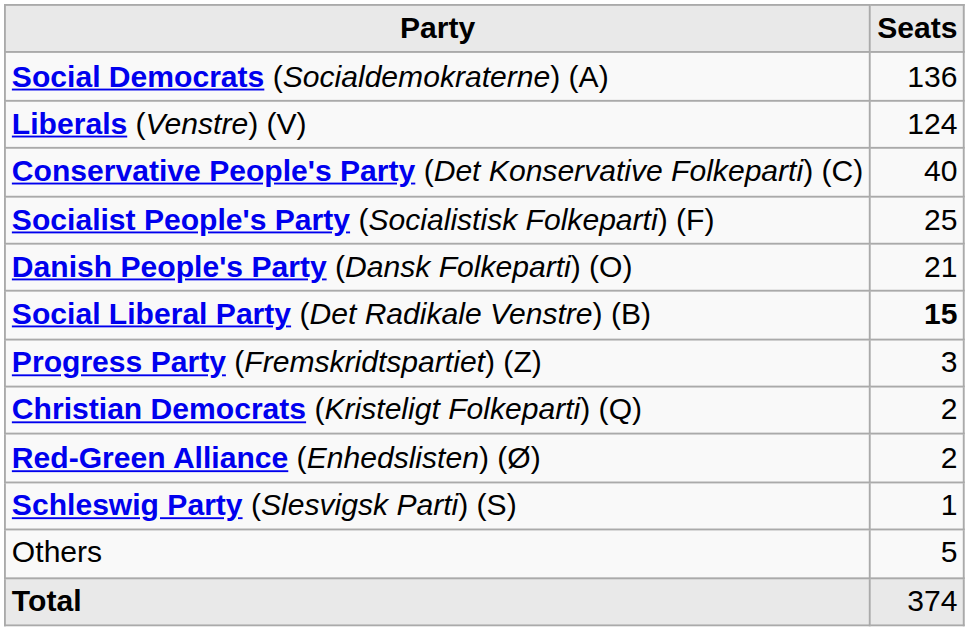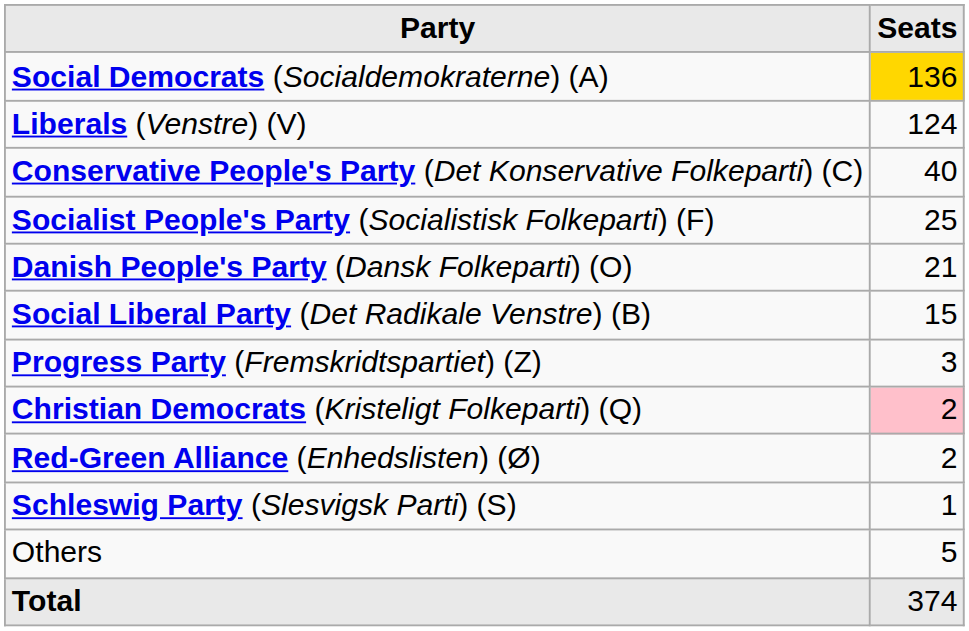 <table class="wikitable">
 <tr>
 <th style="background-color:#E9E9E9">Party</th>
 <th style="background-color:#E9E9E9">Seats</th>
 </tr>
 <tr>
 <td><strong><a href='#'>Social Democrats</a></strong> (<em>Socialdemokraterne</em>) (A)</td>
-<td align="right">136</td>
+<td align="right" style="background: gold;">136</td>
 </tr>
 <tr>
 <td><strong><a href='#'>Liberals</a></strong> (<em>Venstre</em>) (V)</td>
 <td align="right">124</td>
 </tr>
 <tr>
 <td><strong><a href='#'>Conservative People's Party</a></strong> (<em>Det Konservative Folkeparti</em>) (C)</td>
 <td align="right">40</td>
 </tr>
 <tr>
 <td><strong><a href='#'>Socialist People's Party</a></strong> (<em>Socialistisk Folkeparti</em>) (F)</td>
 <td align="right">25</td>
 </tr>
 <tr>
 <td><strong><a href='#'>Danish People's Party</a></strong> (<em>Dansk Folkeparti</em>) (O)</td>
 <td align="right">21</td>
 </tr>
 <tr>
 <td><strong><a href='#'>Social Liberal Party</a></strong> (<em>Det Radikale Venstre</em>) (B)</td>
-<td align="right"><strong>15</strong></td>
+<td align="right">15</td>
 </tr>
 <tr>
 <td><strong><a href='#'>Progress Party</a></strong> (<em>Fremskridtspartiet</em>) (Z)</td>
 <td align="right">3</td>
 </tr>
 <tr>
 <td><strong><a href='#'>Christian Democrats</a></strong> (<em>Kristeligt Folkeparti</em>) (Q)</td>
-<td align="right">2</td>
+<td align="right" style="background: pink;">2</td>
 </tr>
 <tr>
 <td><strong><a href='#'>Red-Green Alliance</a></strong> (<em>Enhedslisten</em>) (Ø)</td>
 <td align="right">2</td>
 </tr>
 <tr>
 <td><strong><a href='#'>Schleswig Party</a></strong> (<em>Slesvigsk Parti</em>) (S)</td>
 <td align="right">1</td>
 </tr>
 <tr>
 <td>Others</td>
 <td align="right">5</td>
 </tr>
 <tr>
 <td style="background-color:#E9E9E9"><strong>Total</strong></td>
 <td align="right" style="background-color:#E9E9E9">374</td>
 </tr>
 </table>
